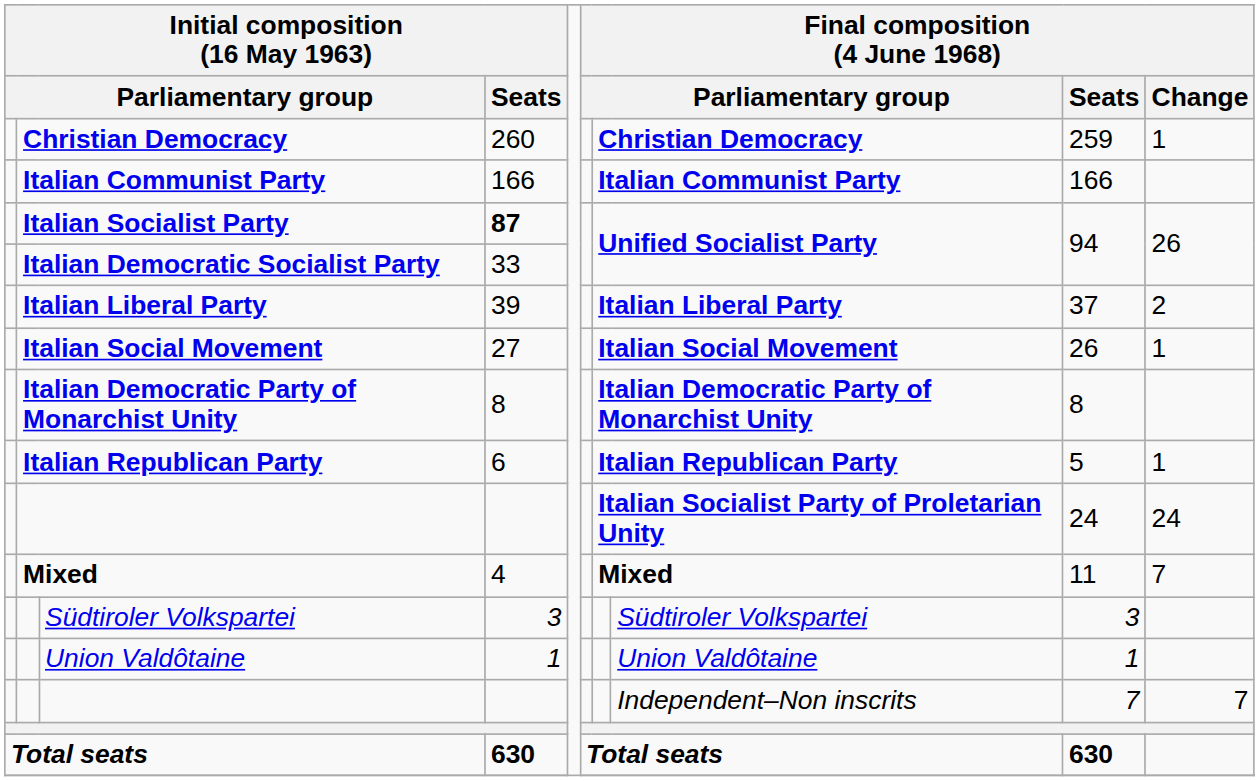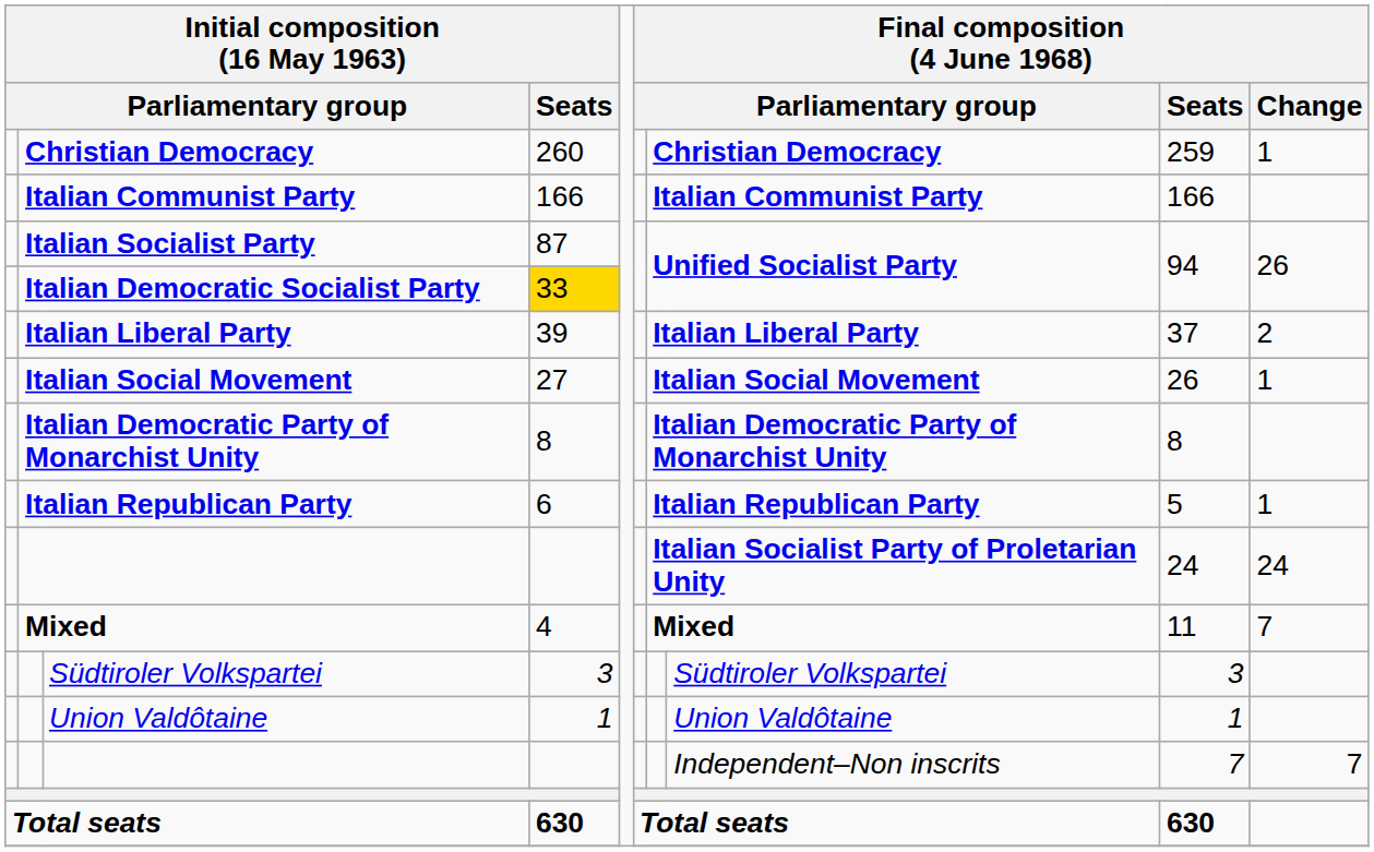 <table class="wikitable" style="width : 60%;">
 <tr>
 <th colspan="4">Initial composition<br>(16 May 1963)</th>
 <td rowspan="30" style="width : 1%;"></td>
 <th colspan="5">Final composition<br>(4 June 1968)</th>
 </tr>
 <tr>
 <th colspan="3">Parliamentary group</th>
 <th>Seats</th>
 <th colspan="3">Parliamentary group</th>
 <th>Seats</th>
 <th>Change</th>
 </tr>
 <tr>
 <td></td>
 <td colspan = "2"><strong><a href='#'>Christian Democracy</a></strong></td>
 <td>260</td>
 <td></td>
 <td colspan = "2"><strong><a href='#'>Christian Democracy</a></strong></td>
 <td>259</td>
 <td> 1</td>
 </tr>
 <tr>
 <td></td>
 <td colspan = "2"><strong><a href='#'>Italian Communist Party</a></strong></td>
 <td>166</td>
 <td></td>
 <td colspan = "2"><strong><a href='#'>Italian Communist Party</a></strong></td>
 <td>166</td>
 <td></td>
 </tr>
 <tr>
 <td></td>
 <td colspan = "2"><strong><a href='#'>Italian Socialist Party</a></strong></td>
-<td><strong>87</strong></td>
+<td>87</td>
 <td rowspan=2></td>
 <td rowspan=2 colspan = "2"><strong><a href='#'>Unified Socialist Party</a></strong></td>
 <td rowspan=2>94</td>
 <td rowspan=2> 26</td>
 </tr>
 <tr>
 <td></td>
 <td colspan = "2"><strong><a href='#'>Italian Democratic Socialist Party</a></strong></td>
-<td>33</td>
+<td style="background: gold;">33</td>
 </tr>
 <tr>
 <td></td>
 <td colspan = "2"><strong><a href='#'>Italian Liberal Party</a></strong></td>
 <td>39</td>
 <td></td>
 <td colspan = "2"><strong><a href='#'>Italian Liberal Party</a></strong></td>
 <td>37</td>
 <td> 2</td>
 </tr>
 <tr>
 <td></td>
 <td colspan = "2"><strong><a href='#'>Italian Social Movement</a></strong></td>
 <td>27</td>
 <td></td>
 <td colspan = "2"><strong><a href='#'>Italian Social Movement</a></strong></td>
 <td>26</td>
 <td> 1</td>
 </tr>
 <tr>
 <td></td>
 <td colspan = "2"><strong><a href='#'>Italian Democratic Party of Monarchist Unity</a></strong></td>
 <td>8</td>
 <td></td>
 <td colspan = "2"><strong><a href='#'>Italian Democratic Party of Monarchist Unity</a></strong></td>
 <td>8</td>
 <td></td>
 </tr>
 <tr>
 <td></td>
 <td colspan = "2"><strong><a href='#'>Italian Republican Party</a></strong></td>
 <td>6</td>
 <td></td>
 <td colspan = "2"><strong><a href='#'>Italian Republican Party</a></strong></td>
 <td>5</td>
 <td> 1</td>
 </tr>
 <tr>
 <td></td>
 <td colspan=2></td>
 <td></td>
 <td></td>
 <td colspan = "2"><strong><a href='#'>Italian Socialist Party of Proletarian Unity</a></strong></td>
 <td>24</td>
 <td> 24</td>
 </tr>
 <tr>
 <td></td>
 <td colspan = "2"><strong>Mixed</strong></td>
 <td>4</td>
 <td></td>
 <td colspan = "2"><strong>Mixed</strong></td>
 <td>11</td>
 <td> 7</td>
 </tr>
 <tr>
 <td></td>
 <td></td>
 <td><em><a href='#'>Südtiroler Volkspartei</a></em></td>
 <td align="right"><em>3</em></td>
 <td></td>
 <td></td>
 <td><em><a href='#'>Südtiroler Volkspartei</a></em></td>
 <td align="right"><em>3</em></td>
 <td align="right"></td>
 </tr>
 <tr>
 <td></td>
 <td></td>
 <td><em><a href='#'>Union Valdôtaine</a></em></td>
 <td align="right"><em>1</em></td>
 <td></td>
 <td></td>
 <td><em><a href='#'>Union Valdôtaine</a></em></td>
 <td align="right"><em>1</em></td>
 <td align="right"></td>
 </tr>
 <tr>
 <td></td>
 <td></td>
 <td></td>
 <td></td>
 <td></td>
 <td></td>
 <td><em>Independent–Non inscrits</em></td>
 <td align="right"><em>7</em></td>
 <td align="right"> 7</td>
 </tr>
 <tr>
 <th colspan="4"></th>
 <th colspan="5"></th>
 </tr>
 <tr>
 <td colspan="3"><strong><em>Total seats</em></strong></td>
 <td><strong>630</strong></td>
 <td colspan="3"><strong><em>Total seats</em></strong></td>
 <td><strong>630</strong></td>
 <td></td>
 </tr>
 <tr>
 </tr>
 </table>
